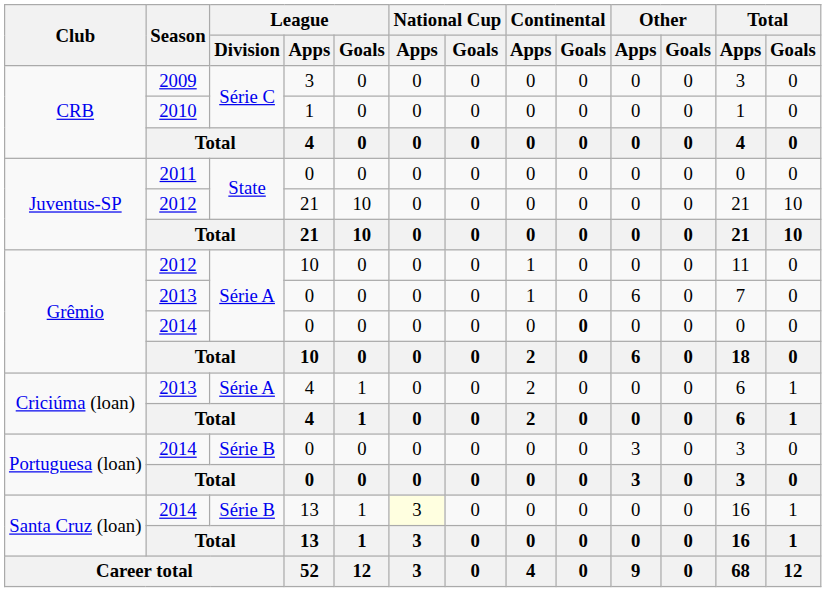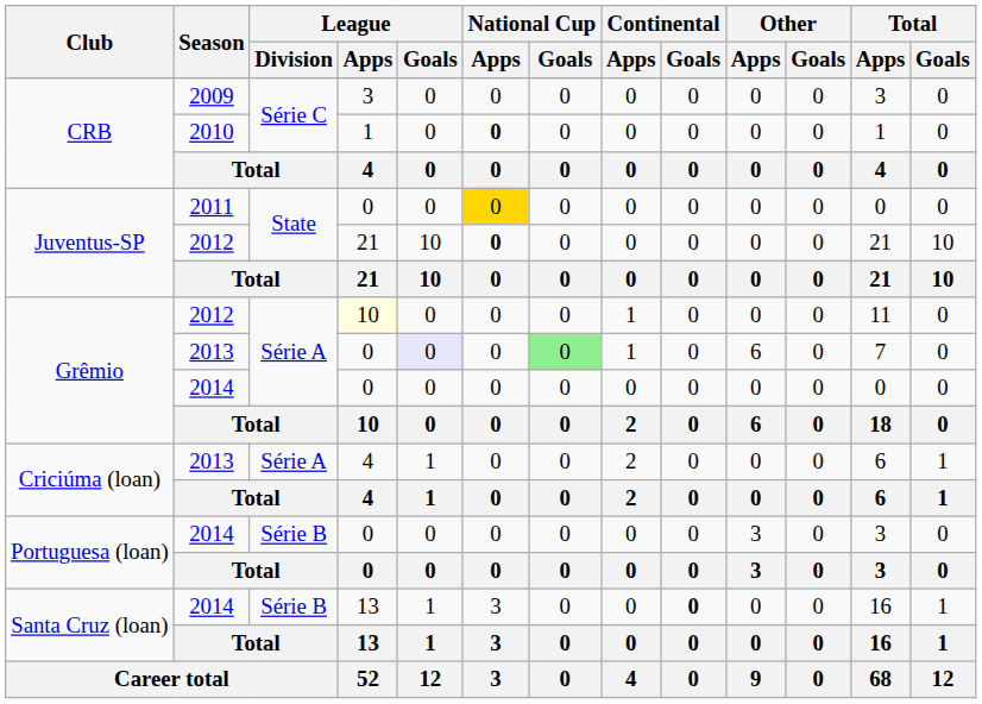 <table class="wikitable" style="font-size:96%; text-align: center;">
 <tr>
 <th rowspan="2">Club</th>
 <th rowspan="2">Season</th>
 <th colspan="3">League</th>
 <th colspan="2">National Cup</th>
 <th colspan="2">Continental</th>
 <th colspan="2">Other</th>
 <th colspan="2">Total</th>
 </tr>
 <tr>
 <th>Division</th>
 <th>Apps</th>
 <th>Goals</th>
 <th>Apps</th>
 <th>Goals</th>
 <th>Apps</th>
 <th>Goals</th>
 <th>Apps</th>
 <th>Goals</th>
 <th>Apps</th>
 <th>Goals</th>
 </tr>
 <tr>
 <td rowspan="3" valign="center"><a href='#'>CRB</a></td>
 <td><a href='#'>2009</a></td>
 <td rowspan="2"><a href='#'>Série C</a></td>
 <td>3</td>
 <td>0</td>
 <td>0</td>
 <td>0</td>
 <td>0</td>
 <td>0</td>
 <td>0</td>
 <td>0</td>
 <td>3</td>
 <td>0</td>
 </tr>
 <tr>
 <td><a href='#'>2010</a></td>
 <td>1</td>
 <td>0</td>
-<td>0</td>
+<td><strong>0</strong></td>
 <td>0</td>
 <td>0</td>
 <td>0</td>
 <td>0</td>
 <td>0</td>
 <td>1</td>
 <td>0</td>
 </tr>
 <tr>
 <th colspan="2">Total</th>
 <th>4</th>
 <th>0</th>
 <th>0</th>
 <th>0</th>
 <th>0</th>
 <th>0</th>
 <th>0</th>
 <th>0</th>
 <th>4</th>
 <th>0</th>
 </tr>
 <tr>
 <td rowspan="3" valign="center"><a href='#'>Juventus-SP</a></td>
 <td><a href='#'>2011</a></td>
 <td rowspan="2"><a href='#'>State</a></td>
 <td>0</td>
 <td>0</td>
-<td>0</td>
+<td style="background: gold;">0</td>
 <td>0</td>
 <td>0</td>
 <td>0</td>
 <td>0</td>
 <td>0</td>
 <td>0</td>
 <td>0</td>
 </tr>
 <tr>
 <td><a href='#'>2012</a></td>
 <td>21</td>
 <td>10</td>
-<td>0</td>
+<td><strong>0</strong></td>
 <td>0</td>
 <td>0</td>
 <td>0</td>
 <td>0</td>
 <td>0</td>
 <td>21</td>
 <td>10</td>
 </tr>
 <tr>
 <th colspan="2">Total</th>
 <th>21</th>
 <th>10</th>
 <th>0</th>
 <th>0</th>
 <th>0</th>
 <th>0</th>
 <th>0</th>
 <th>0</th>
 <th>21</th>
 <th>10</th>
 </tr>
 <tr>
 <td rowspan="4" valign="center"><a href='#'>Grêmio</a></td>
 <td><a href='#'>2012</a></td>
 <td rowspan="3"><a href='#'>Série A</a></td>
-<td>10</td>
+<td style="background: lightyellow;">10</td>
 <td>0</td>
 <td>0</td>
 <td>0</td>
 <td>1</td>
 <td>0</td>
 <td>0</td>
 <td>0</td>
 <td>11</td>
 <td>0</td>
 </tr>
 <tr>
 <td><a href='#'>2013</a></td>
 <td>0</td>
+<td style="background: lavender;">0</td>
 <td>0</td>
-<td>0</td>
-<td>0</td>
+<td style="background: lightgreen;">0</td>
 <td>1</td>
 <td>0</td>
 <td>6</td>
 <td>0</td>
 <td>7</td>
 <td>0</td>
 </tr>
 <tr>
 <td><a href='#'>2014</a></td>
 <td>0</td>
 <td>0</td>
 <td>0</td>
 <td>0</td>
 <td>0</td>
-<td><strong>0</strong></td>
+<td>0</td>
 <td>0</td>
 <td>0</td>
 <td>0</td>
 <td>0</td>
 </tr>
 <tr>
 <th colspan="2">Total</th>
 <th>10</th>
 <th>0</th>
 <th>0</th>
 <th>0</th>
 <th>2</th>
 <th>0</th>
 <th>6</th>
 <th>0</th>
 <th>18</th>
 <th>0</th>
 </tr>
 <tr>
 <td rowspan="2" valign="center"><a href='#'>Criciúma</a> (loan)</td>
 <td><a href='#'>2013</a></td>
 <td><a href='#'>Série A</a></td>
 <td>4</td>
 <td>1</td>
 <td>0</td>
 <td>0</td>
 <td>2</td>
 <td>0</td>
 <td>0</td>
 <td>0</td>
 <td>6</td>
 <td>1</td>
 </tr>
 <tr>
 <th colspan="2">Total</th>
 <th>4</th>
 <th>1</th>
 <th>0</th>
 <th>0</th>
 <th>2</th>
 <th>0</th>
 <th>0</th>
 <th>0</th>
 <th>6</th>
 <th>1</th>
 </tr>
 <tr>
 <td rowspan="2" valign="center"><a href='#'>Portuguesa</a> (loan)</td>
 <td><a href='#'>2014</a></td>
 <td><a href='#'>Série B</a></td>
 <td>0</td>
 <td>0</td>
 <td>0</td>
 <td>0</td>
 <td>0</td>
 <td>0</td>
 <td>3</td>
 <td>0</td>
 <td>3</td>
 <td>0</td>
 </tr>
 <tr>
 <th colspan="2">Total</th>
 <th>0</th>
 <th>0</th>
 <th>0</th>
 <th>0</th>
 <th>0</th>
 <th>0</th>
 <th>3</th>
 <th>0</th>
 <th>3</th>
 <th>0</th>
 </tr>
 <tr>
 <td rowspan="2" valign="center"><a href='#'>Santa Cruz</a> (loan)</td>
 <td><a href='#'>2014</a></td>
 <td><a href='#'>Série B</a></td>
 <td>13</td>
 <td>1</td>
-<td style="background: lightyellow;">3</td>
+<td>3</td>
 <td>0</td>
 <td>0</td>
-<td>0</td>
+<td><strong>0</strong></td>
 <td>0</td>
 <td>0</td>
 <td>16</td>
 <td>1</td>
 </tr>
 <tr>
 <th colspan="2">Total</th>
 <th>13</th>
 <th>1</th>
 <th>3</th>
 <th>0</th>
 <th>0</th>
 <th>0</th>
 <th>0</th>
 <th>0</th>
 <th>16</th>
 <th>1</th>
 </tr>
 <tr>
 <th colspan="3">Career total</th>
 <th>52</th>
 <th>12</th>
 <th>3</th>
 <th>0</th>
 <th>4</th>
 <th>0</th>
 <th>9</th>
 <th>0</th>
 <th>68</th>
 <th>12</th>
 </tr>
 </table>
